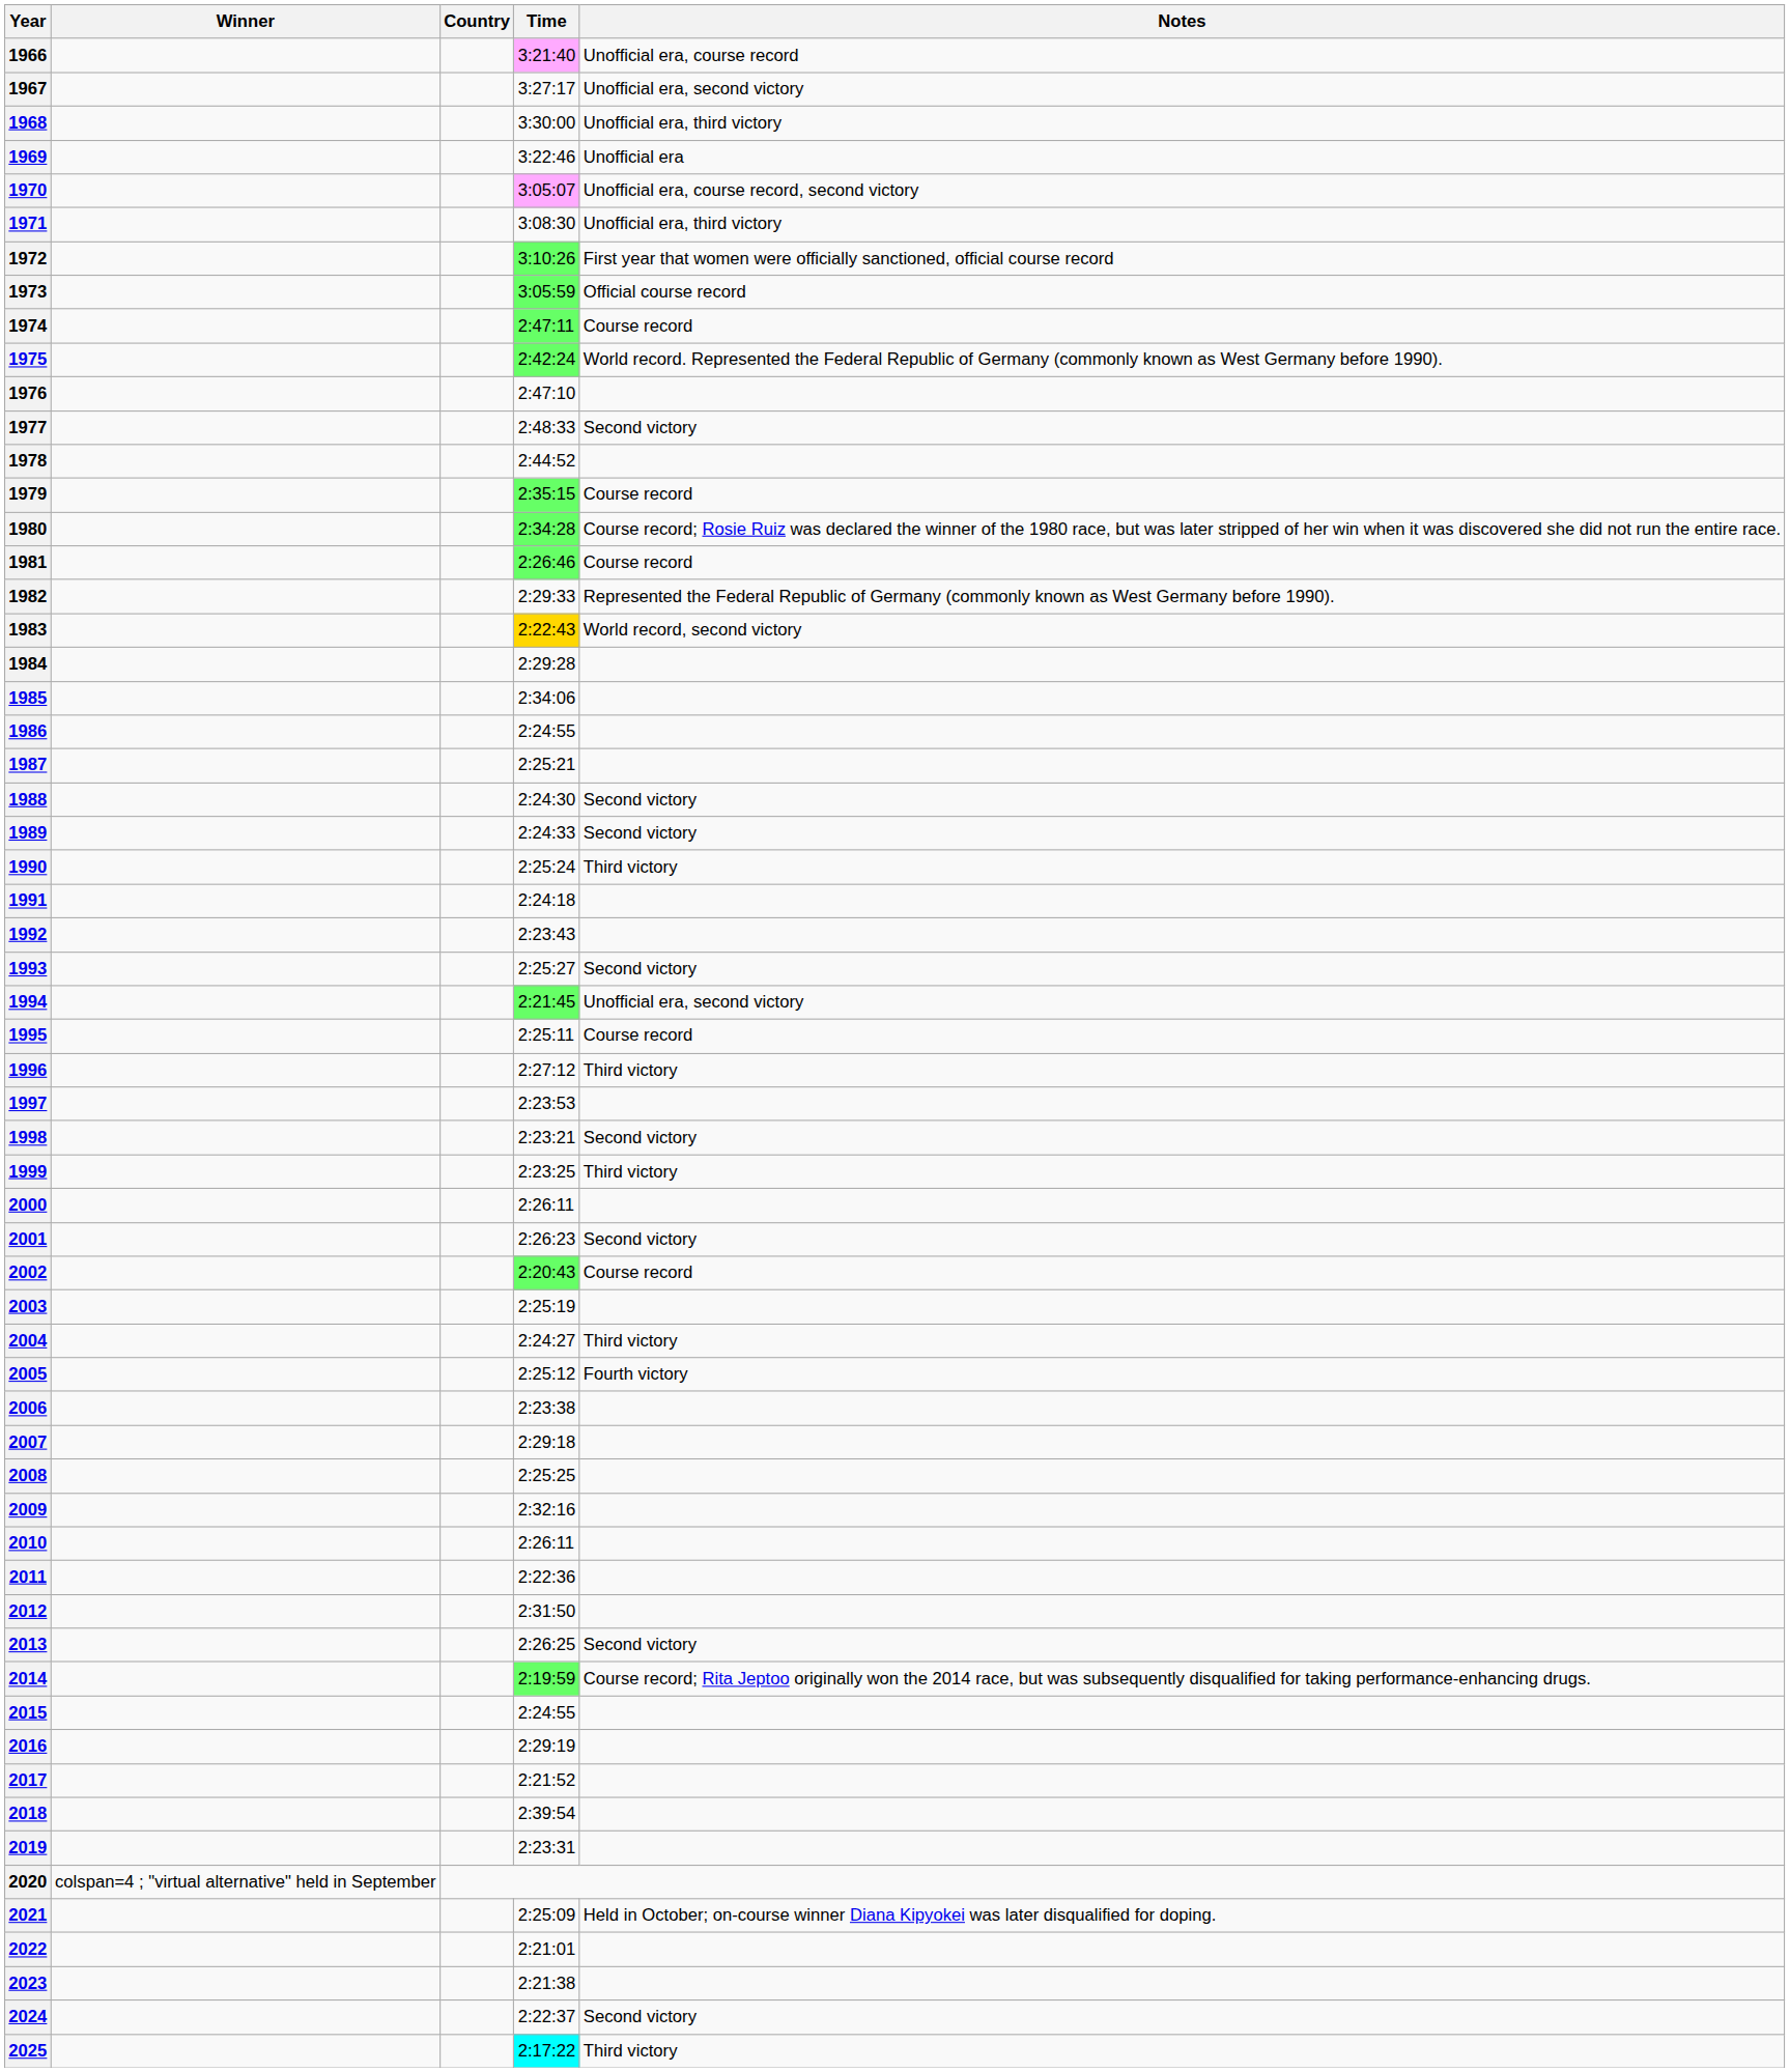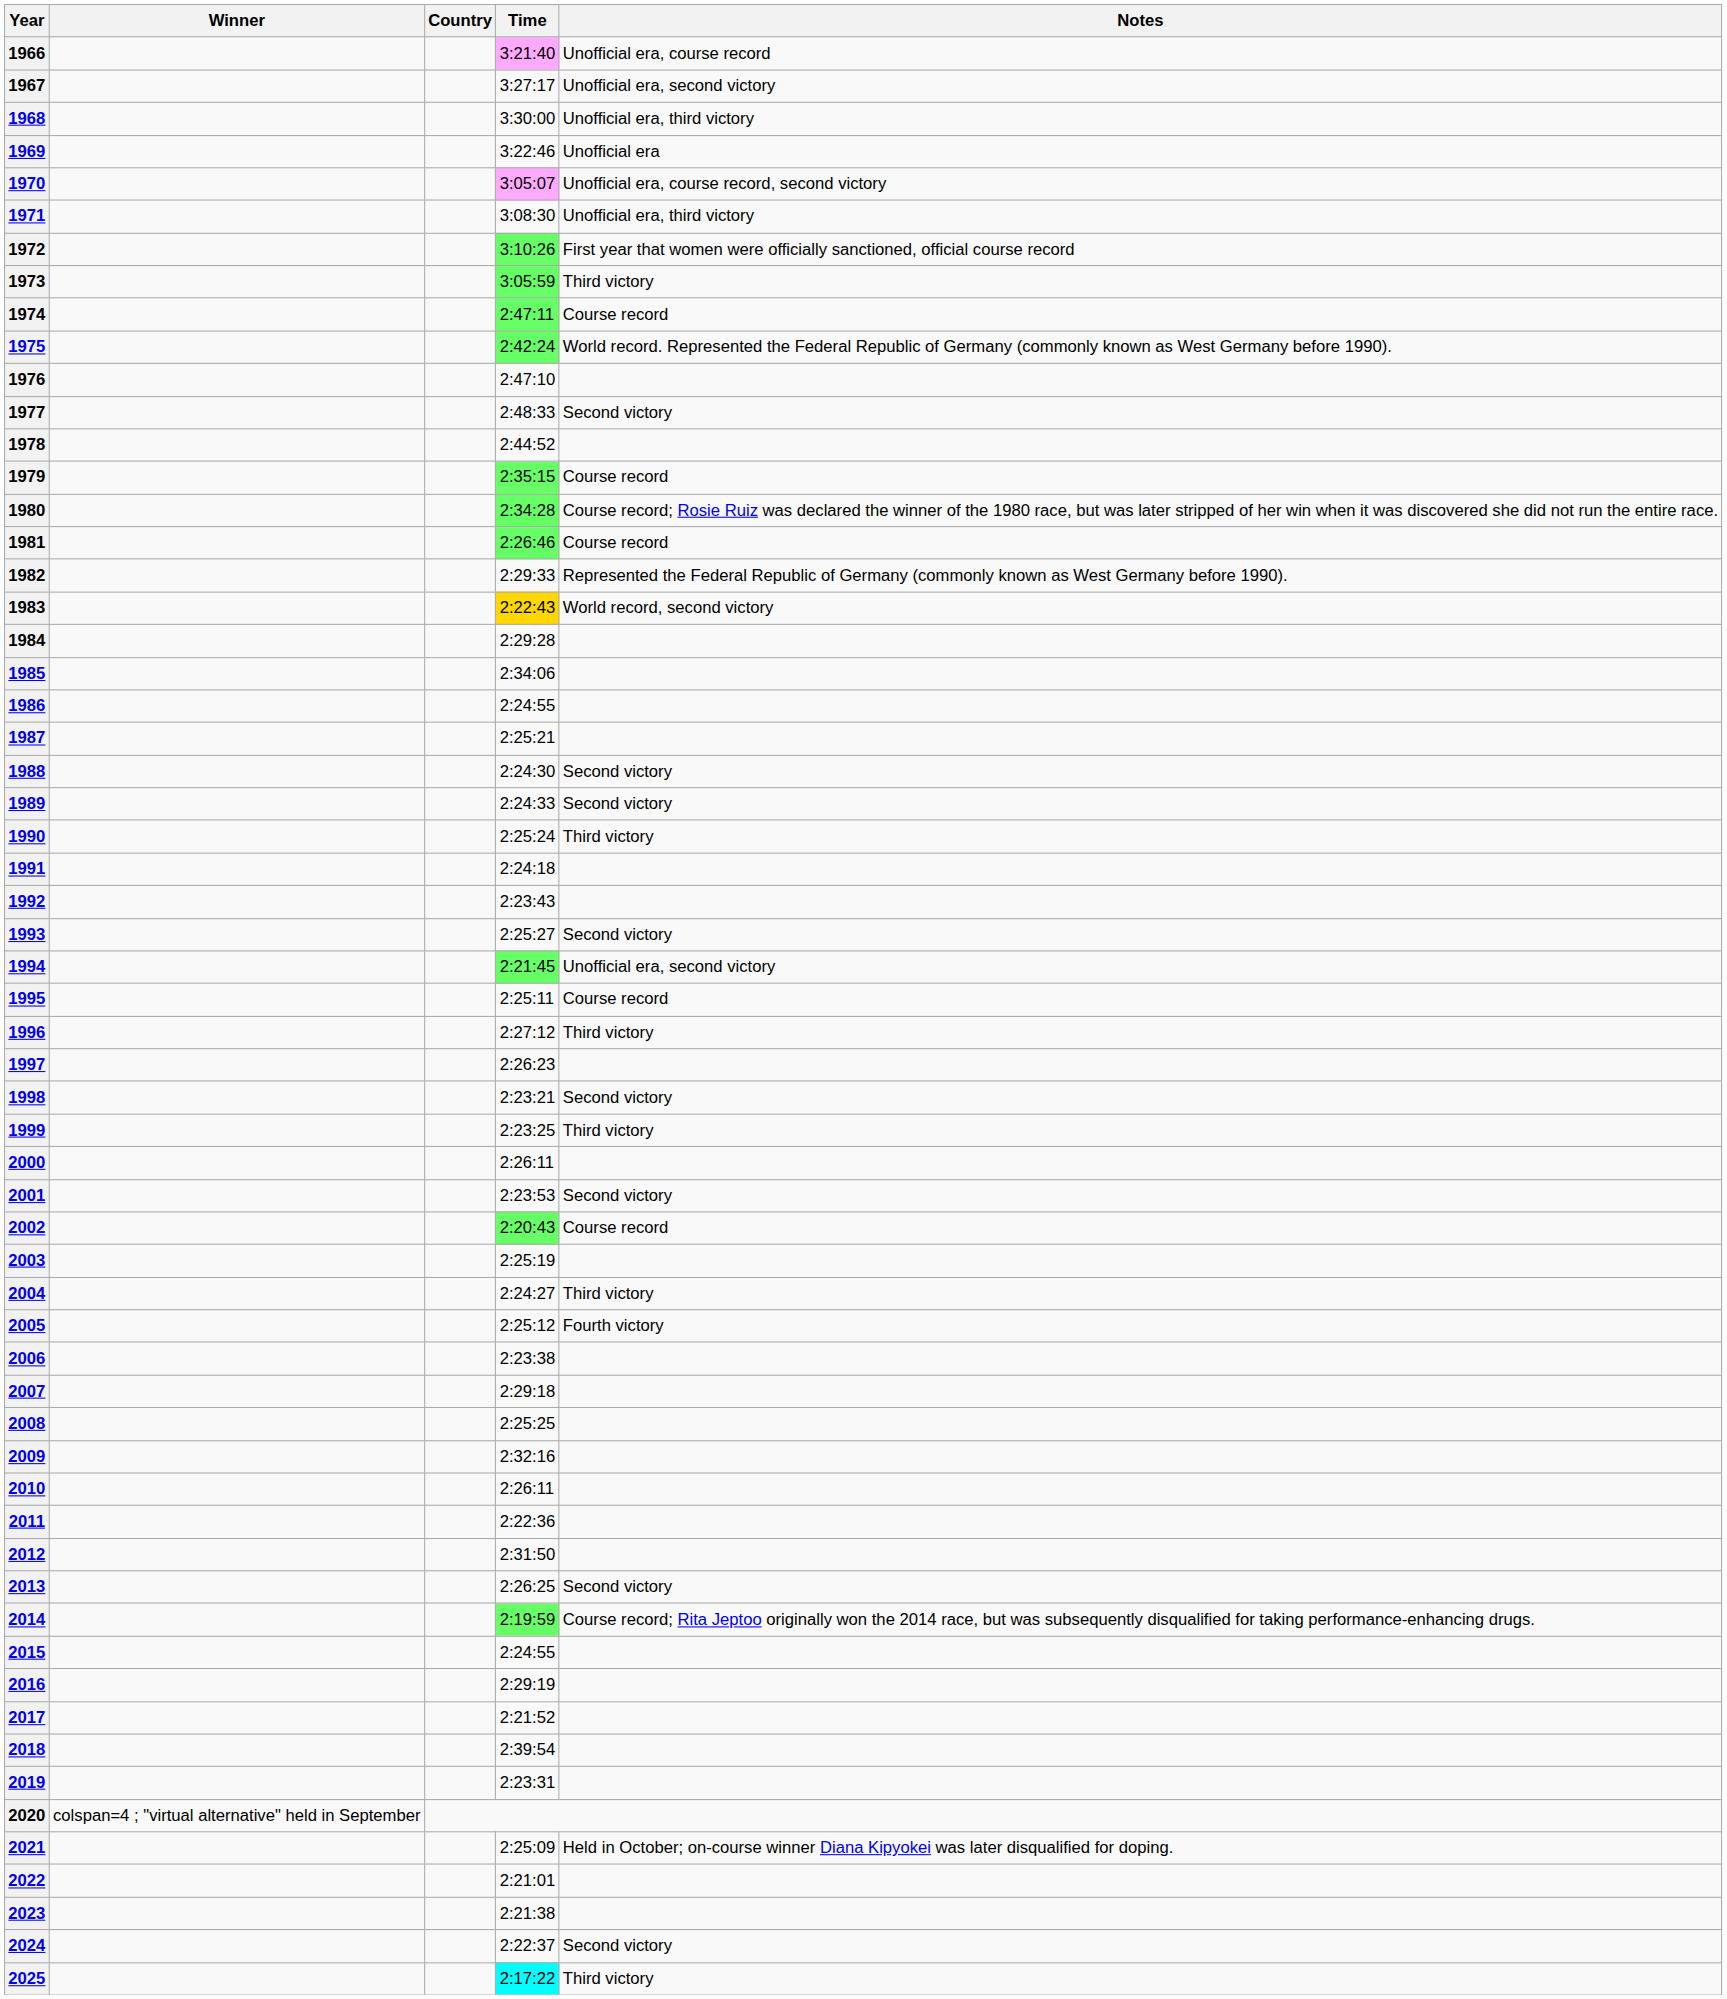 <table class="wikitable sortable" style="font-size:1.00em; line-height:1.5em;">
 <tr>
 <th scope="col">Year</th>
 <th scope="col">Winner</th>
 <th scope="col">Country</th>
 <th scope="col" data-sort-type="time">Time</th>
 <th scope="col" class="unsortable">Notes</th>
 </tr>
 <tr>
 <th scope="row">1966</th>
 <td></td>
 <td></td>
 <td style="background-color:#ffaaff">3:21:40</td>
 <td>Unofficial era, course record</td>
 </tr>
 <tr>
 <th scope="row">1967</th>
 <td></td>
 <td></td>
 <td>3:27:17</td>
 <td>Unofficial era, second victory</td>
 </tr>
 <tr>
 <th scope="row"><a href='#'>1968</a></th>
 <td></td>
 <td></td>
 <td>3:30:00</td>
 <td>Unofficial era, third victory</td>
 </tr>
 <tr>
 <th scope="row"><a href='#'>1969</a></th>
 <td></td>
 <td></td>
 <td>3:22:46</td>
 <td>Unofficial era</td>
 </tr>
 <tr>
 <th scope="row"><a href='#'>1970</a></th>
 <td></td>
 <td></td>
 <td style="background-color:#ffaaff">3:05:07</td>
 <td>Unofficial era, course record, second victory</td>
 </tr>
 <tr>
 <th scope="row"><a href='#'>1971</a></th>
 <td></td>
 <td></td>
 <td>3:08:30</td>
 <td>Unofficial era, third victory</td>
 </tr>
 <tr>
 <th scope="row">1972</th>
 <td></td>
 <td></td>
 <td style="background-color:#66ff66">3:10:26</td>
 <td>First year that women were officially sanctioned, official course record</td>
 </tr>
 <tr>
 <th scope="row">1973</th>
 <td></td>
 <td></td>
 <td style="background-color:#66ff66">3:05:59</td>
-<td>Official course record</td>
+<td>Third victory</td>
 </tr>
 <tr>
 <th scope="row">1974</th>
 <td></td>
 <td></td>
 <td style="background-color:#66ff66">2:47:11</td>
 <td>Course record</td>
 </tr>
 <tr>
 <th scope="row"><a href='#'>1975</a></th>
 <td></td>
 <td></td>
 <td style="background-color:#66ff66">2:42:24</td>
 <td>World record.   Represented the Federal Republic of Germany (commonly known as West Germany before 1990).</td>
 </tr>
 <tr>
 <th scope="row">1976</th>
 <td></td>
 <td></td>
 <td>2:47:10</td>
 <td></td>
 </tr>
 <tr>
 <th scope="row">1977</th>
 <td></td>
 <td></td>
 <td>2:48:33</td>
 <td>Second victory</td>
 </tr>
 <tr>
 <th scope="row">1978</th>
 <td></td>
 <td></td>
 <td>2:44:52</td>
 <td></td>
 </tr>
 <tr>
 <th scope="row">1979</th>
 <td></td>
 <td></td>
 <td style="background-color:#66ff66">2:35:15</td>
 <td>Course record</td>
 </tr>
 <tr>
 <th scope="row">1980</th>
 <td></td>
 <td></td>
 <td style="background-color:#66ff66">2:34:28</td>
 <td>Course record; <a href='#'>Rosie Ruiz</a> was declared the winner of the 1980 race, but was later stripped of her win when it was discovered she did not run the entire race.</td>
 </tr>
 <tr>
 <th scope="row">1981</th>
 <td></td>
 <td></td>
 <td style="background-color:#66ff66">2:26:46</td>
 <td>Course record</td>
 </tr>
 <tr>
 <th scope="row">1982</th>
 <td></td>
 <td></td>
 <td>2:29:33</td>
 <td>Represented the Federal Republic of Germany (commonly known as West Germany before 1990).</td>
 </tr>
 <tr>
 <th scope="row">1983</th>
 <td></td>
 <td></td>
 <td style="background-color:#ffd700">2:22:43</td>
 <td>World record, second victory</td>
 </tr>
 <tr>
 <th scope="row">1984</th>
 <td></td>
 <td></td>
 <td>2:29:28</td>
 <td></td>
 </tr>
 <tr>
 <th scope="row"><a href='#'>1985</a></th>
 <td></td>
 <td></td>
 <td>2:34:06</td>
 <td></td>
 </tr>
 <tr>
 <th scope="row"><a href='#'>1986</a></th>
 <td></td>
 <td></td>
 <td>2:24:55</td>
 <td></td>
 </tr>
 <tr>
 <th scope="row"><a href='#'>1987</a></th>
 <td></td>
 <td></td>
 <td>2:25:21</td>
 <td></td>
 </tr>
 <tr>
 <th scope="row"><a href='#'>1988</a></th>
 <td></td>
 <td></td>
 <td>2:24:30</td>
 <td>Second victory</td>
 </tr>
 <tr>
 <th scope="row"><a href='#'>1989</a></th>
 <td></td>
 <td></td>
 <td>2:24:33</td>
 <td>Second victory</td>
 </tr>
 <tr>
 <th scope="row"><a href='#'>1990</a></th>
 <td></td>
 <td></td>
 <td>2:25:24</td>
 <td>Third victory</td>
 </tr>
 <tr>
 <th scope="row"><a href='#'>1991</a></th>
 <td></td>
 <td></td>
 <td>2:24:18</td>
 <td></td>
 </tr>
 <tr>
 <th scope="row"><a href='#'>1992</a></th>
 <td></td>
 <td></td>
 <td>2:23:43</td>
 <td></td>
 </tr>
 <tr>
 <th scope="row"><a href='#'>1993</a></th>
 <td></td>
 <td></td>
 <td>2:25:27</td>
 <td>Second victory</td>
 </tr>
 <tr>
 <th scope="row"><a href='#'>1994</a></th>
 <td></td>
 <td></td>
 <td style="background-color:#66ff66">2:21:45</td>
 <td>Unofficial era, second victory</td>
 </tr>
 <tr>
 <th scope="row"><a href='#'>1995</a></th>
 <td></td>
 <td></td>
 <td>2:25:11</td>
 <td>Course record</td>
 </tr>
 <tr>
 <th scope="row"><a href='#'>1996</a></th>
 <td></td>
 <td></td>
 <td>2:27:12</td>
 <td>Third victory</td>
 </tr>
 <tr>
 <th scope="row"><a href='#'>1997</a></th>
 <td></td>
 <td></td>
-<td>2:23:53</td>
+<td>2:26:23</td>
 <td></td>
 </tr>
 <tr>
 <th scope="row"><a href='#'>1998</a></th>
 <td></td>
 <td></td>
 <td>2:23:21</td>
 <td>Second victory</td>
 </tr>
 <tr>
 <th scope="row"><a href='#'>1999</a></th>
 <td></td>
 <td></td>
 <td>2:23:25</td>
 <td>Third victory</td>
 </tr>
 <tr>
 <th scope="row"><a href='#'>2000</a></th>
 <td></td>
 <td></td>
 <td>2:26:11</td>
 <td></td>
 </tr>
 <tr>
 <th scope="row"><a href='#'>2001</a></th>
 <td></td>
 <td></td>
-<td>2:26:23</td>
+<td>2:23:53</td>
 <td>Second victory</td>
 </tr>
 <tr>
 <th scope="row"><a href='#'>2002</a></th>
 <td></td>
 <td></td>
 <td style="background-color:#66ff66">2:20:43</td>
 <td>Course record</td>
 </tr>
 <tr>
 <th scope="row"><a href='#'>2003</a></th>
 <td></td>
 <td></td>
 <td>2:25:19</td>
 <td></td>
 </tr>
 <tr>
 <th scope="row"><a href='#'>2004</a></th>
 <td></td>
 <td></td>
 <td>2:24:27</td>
 <td>Third victory</td>
 </tr>
 <tr>
 <th scope="row"><a href='#'>2005</a></th>
 <td></td>
 <td></td>
 <td>2:25:12</td>
 <td>Fourth victory</td>
 </tr>
 <tr>
 <th scope="row"><a href='#'>2006</a></th>
 <td></td>
 <td></td>
 <td>2:23:38</td>
 <td></td>
 </tr>
 <tr>
 <th scope="row"><a href='#'>2007</a></th>
 <td></td>
 <td></td>
 <td>2:29:18</td>
 <td></td>
 </tr>
 <tr>
 <th scope="row"><a href='#'>2008</a></th>
 <td></td>
 <td></td>
 <td>2:25:25</td>
 <td></td>
 </tr>
 <tr>
 <th scope="row"><a href='#'>2009</a></th>
 <td></td>
 <td></td>
 <td>2:32:16</td>
 <td></td>
 </tr>
 <tr>
 <th scope="row"><a href='#'>2010</a></th>
 <td></td>
 <td></td>
 <td>2:26:11</td>
 <td></td>
 </tr>
 <tr>
 <th scope="row"><a href='#'>2011</a></th>
 <td></td>
 <td></td>
 <td>2:22:36</td>
 <td></td>
 </tr>
 <tr>
 <th scope="row"><a href='#'>2012</a></th>
 <td></td>
 <td></td>
 <td>2:31:50</td>
 <td></td>
 </tr>
 <tr>
 <th scope="row"><a href='#'>2013</a></th>
 <td></td>
 <td></td>
 <td>2:26:25</td>
 <td>Second victory</td>
 </tr>
 <tr>
 <th scope="row"><a href='#'>2014</a></th>
 <td></td>
 <td></td>
 <td style="background-color:#66ff66">2:19:59</td>
 <td>Course record; <a href='#'>Rita Jeptoo</a> originally won the 2014 race, but was subsequently disqualified for taking performance-enhancing drugs.</td>
 </tr>
 <tr>
 <th scope="row"><a href='#'>2015</a></th>
 <td></td>
 <td></td>
 <td>2:24:55</td>
 <td></td>
 </tr>
 <tr>
 <th scope="row"><a href='#'>2016</a></th>
 <td></td>
 <td></td>
 <td>2:29:19</td>
 <td></td>
 </tr>
 <tr>
 <th scope="row"><a href='#'>2017</a></th>
 <td></td>
 <td></td>
 <td>2:21:52</td>
 <td></td>
 </tr>
 <tr>
 <th scope="row"><a href='#'>2018</a></th>
 <td></td>
 <td></td>
 <td>2:39:54</td>
 <td></td>
 </tr>
 <tr>
 <th scope="row"><a href='#'>2019</a></th>
 <td></td>
 <td></td>
 <td>2:23:31</td>
 <td></td>
 </tr>
 <tr>
 <th scope="row">2020</th>
 <td>colspan=4 ; "virtual alternative" held in September</td>
 </tr>
 <tr>
 <th scope="row"><a href='#'>2021</a></th>
 <td></td>
 <td></td>
 <td>2:25:09</td>
 <td>Held in October; on-course winner <a href='#'>Diana Kipyokei</a> was later disqualified for doping.</td>
 </tr>
 <tr>
 <th scope="row"><a href='#'>2022</a></th>
 <td></td>
 <td></td>
 <td>2:21:01</td>
 <td></td>
 </tr>
 <tr>
 <th><a href='#'>2023</a></th>
 <td></td>
 <td></td>
 <td>2:21:38</td>
 <td></td>
 </tr>
 <tr>
 <th><a href='#'>2024</a></th>
 <td></td>
 <td></td>
 <td>2:22:37</td>
 <td>Second victory</td>
 </tr>
 <tr>
 <th scope="row"><a href='#'>2025</a></th>
 <td></td>
 <td></td>
 <td style="background-color:#00ffff">2:17:22</td>
 <td>Third victory</td>
 </tr>
 </table>
